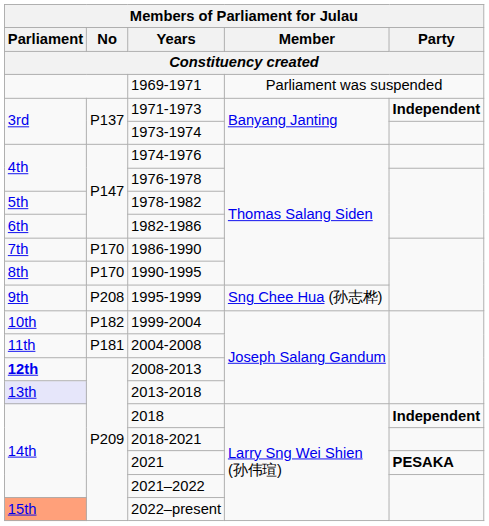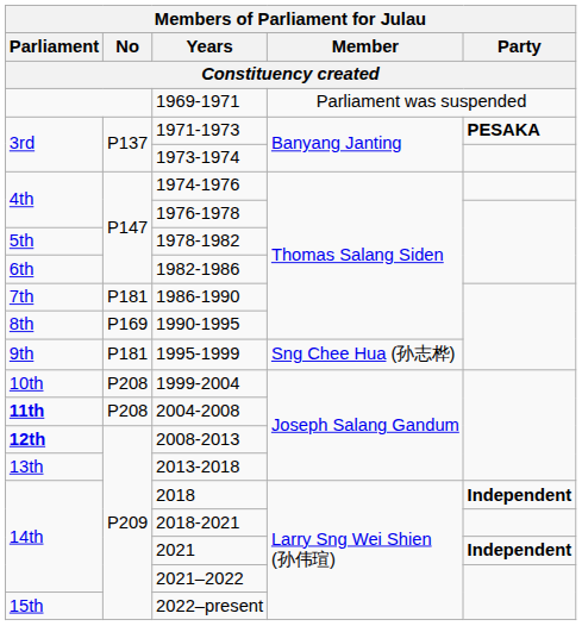 <table class=wikitable>
 <tr>
 <th colspan="5">Members of Parliament for Julau</th>
 </tr>
 <tr>
 <th>Parliament</th>
 <th>No</th>
 <th>Years</th>
 <th>Member</th>
 <th>Party</th>
 </tr>
 <tr>
 <th colspan="5" align="center"><em>Constituency created</em></th>
 </tr>
 <tr>
 <td colspan="2"></td>
 <td>1969-1971</td>
 <td colspan=2 align=center>Parliament was suspended</td>
 </tr>
 <tr>
 <td rowspan=2><a href='#'>3rd</a></td>
 <td rowspan="2">P137</td>
 <td>1971-1973</td>
 <td rowspan=2><a href='#'>Banyang Janting</a></td>
-<td><strong>Independent</strong></td>
+<td><strong>PESAKA</strong></td>
 </tr>
 <tr>
 <td>1973-1974</td>
 <td></td>
 </tr>
 <tr>
 <td rowspan=2><a href='#'>4th</a></td>
 <td rowspan="4">P147</td>
 <td>1974-1976</td>
 <td rowspan=6><a href='#'>Thomas Salang Siden</a></td>
 <td></td>
 </tr>
 <tr>
 <td>1976-1978</td>
 <td rowspan="3"></td>
 </tr>
 <tr>
 <td><a href='#'>5th</a></td>
 <td>1978-1982</td>
 </tr>
 <tr>
 <td><a href='#'>6th</a></td>
 <td>1982-1986</td>
 </tr>
 <tr>
 <td><a href='#'>7th</a></td>
-<td>P170</td>
+<td>P181</td>
 <td>1986-1990</td>
 <td rowspan="3"></td>
 </tr>
 <tr>
 <td><a href='#'>8th</a></td>
-<td>P170</td>
+<td>P169</td>
 <td>1990-1995</td>
 </tr>
 <tr>
 <td><a href='#'>9th</a></td>
-<td>P208</td>
+<td>P181</td>
 <td>1995-1999</td>
 <td><a href='#'>Sng Chee Hua</a> (孙志桦)</td>
 </tr>
 <tr>
 <td><a href='#'>10th</a></td>
-<td>P182</td>
+<td>P208</td>
 <td>1999-2004</td>
 <td rowspan=4><a href='#'>Joseph Salang Gandum</a></td>
 <td rowspan="4"></td>
 </tr>
 <tr>
-<td><a href='#'>11th</a></td>
-<td>P181</td>
+<td><strong><a href='#'>11th</a></strong></td>
+<td>P208</td>
 <td>2004-2008</td>
 </tr>
 <tr>
 <td><strong><a href='#'>12th</a></strong></td>
 <td rowspan="7">P209</td>
 <td>2008-2013</td>
 </tr>
 <tr>
-<td style="background: lavender;"><a href='#'>13th</a></td>
+<td><a href='#'>13th</a></td>
 <td>2013-2018</td>
 </tr>
 <tr>
 <td rowspan="4"><a href='#'>14th</a></td>
 <td>2018</td>
 <td rowspan="5"><a href='#'>Larry Sng Wei Shien</a> <br> (孙伟瑄)</td>
 <td><strong>Independent</strong></td>
 </tr>
 <tr>
 <td>2018-2021</td>
 <td></td>
 </tr>
 <tr>
 <td>2021</td>
-<td><strong>PESAKA</strong></td>
+<td><strong>Independent</strong></td>
 </tr>
 <tr>
 <td>2021–2022</td>
 <td rowspan=2></td>
 </tr>
 <tr>
-<td style="background: lightsalmon;"><a href='#'>15th</a></td>
+<td><a href='#'>15th</a></td>
 <td>2022–present</td>
 </tr>
 </table>
